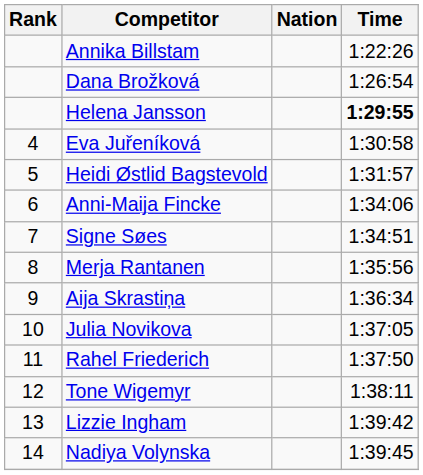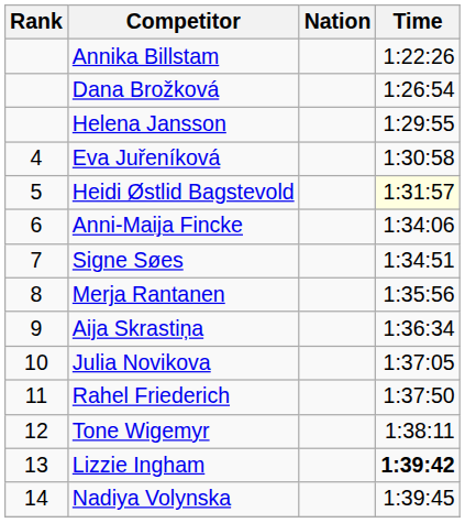 <table class="wikitable sortable" style="text-align:left">
 <tr>
 <th data-sort-type="number">Rank</th>
 <th class="unsortable">Competitor</th>
 <th>Nation</th>
 <th>Time</th>
 </tr>
 <tr>
 <td style="text-align:center"></td>
 <td><a href='#'>Annika Billstam</a></td>
 <td></td>
 <td style="text-align:right">1:22:26</td>
 </tr>
 <tr>
 <td style="text-align:center"></td>
 <td><a href='#'>Dana Brožková </a></td>
 <td></td>
 <td style="text-align:right">1:26:54</td>
 </tr>
 <tr>
 <td style="text-align:center"></td>
 <td><a href='#'>Helena Jansson</a></td>
 <td></td>
-<td style="text-align:right"><strong>1:29:55</strong></td>
+<td style="text-align:right">1:29:55</td>
 </tr>
 <tr>
 <td style="text-align:center">4</td>
 <td><a href='#'>Eva Juřeníková</a></td>
 <td></td>
 <td style="text-align:right">1:30:58</td>
 </tr>
 <tr>
 <td style="text-align:center">5</td>
 <td><a href='#'>Heidi Østlid Bagstevold</a></td>
 <td></td>
-<td style="text-align:right">1:31:57</td>
+<td style="background: lightyellow; text-align:right">1:31:57</td>
 </tr>
 <tr>
 <td style="text-align:center">6</td>
 <td><a href='#'>Anni-Maija Fincke</a></td>
 <td></td>
 <td style="text-align:right">1:34:06</td>
 </tr>
 <tr>
 <td style="text-align:center">7</td>
 <td><a href='#'>Signe Søes</a></td>
 <td></td>
 <td style="text-align:right">1:34:51</td>
 </tr>
 <tr>
 <td style="text-align:center">8</td>
 <td><a href='#'>Merja Rantanen </a></td>
 <td></td>
 <td style="text-align:right">1:35:56</td>
 </tr>
 <tr>
 <td style="text-align:center">9</td>
 <td><a href='#'>Aija Skrastiņa</a></td>
 <td></td>
 <td style="text-align:right">1:36:34</td>
 </tr>
 <tr>
 <td style="text-align:center">10</td>
 <td><a href='#'>Julia Novikova</a></td>
 <td></td>
 <td style="text-align:right">1:37:05</td>
 </tr>
 <tr>
 <td style="text-align:center">11</td>
 <td><a href='#'>Rahel Friederich</a></td>
 <td></td>
 <td style="text-align:right">1:37:50</td>
 </tr>
 <tr>
 <td style="text-align:center">12</td>
 <td><a href='#'>Tone Wigemyr</a></td>
 <td></td>
 <td style="text-align:right">1:38:11</td>
 </tr>
 <tr>
 <td style="text-align:center">13</td>
 <td><a href='#'>Lizzie Ingham </a></td>
 <td></td>
-<td style="text-align:right">1:39:42</td>
+<td style="text-align:right"><strong>1:39:42</strong></td>
 </tr>
 <tr>
 <td style="text-align:center">14</td>
 <td><a href='#'>Nadiya Volynska</a></td>
 <td></td>
 <td style="text-align:right">1:39:45</td>
 </tr>
 <tr>
 </tr>
 </table>
